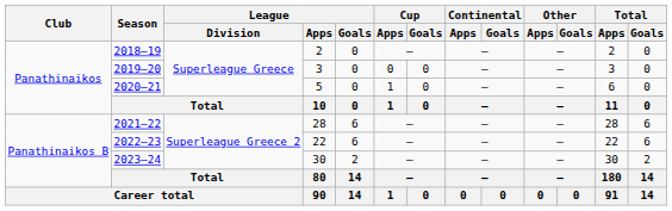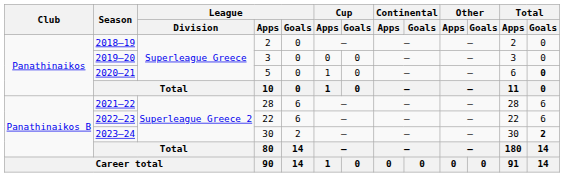 <table class="wikitable" style="text-align:center">
 <tr>
 <th rowspan=2>Club</th>
 <th rowspan=2>Season</th>
 <th colspan=3>League</th>
 <th colspan=2>Cup</th>
 <th colspan=2>Continental</th>
 <th colspan=2>Other</th>
 <th colspan=2>Total</th>
 </tr>
 <tr>
 <th>Division</th>
 <th>Apps</th>
 <th>Goals</th>
 <th>Apps</th>
 <th>Goals</th>
 <th>Apps</th>
 <th>Goals</th>
 <th>Apps</th>
 <th>Goals</th>
 <th>Apps</th>
 <th>Goals</th>
 </tr>
 <tr>
 <td rowspan="4"><a href='#'>Panathinaikos</a></td>
 <td><a href='#'>2018–19</a></td>
 <td rowspan="3"><a href='#'>Superleague Greece</a></td>
 <td>2</td>
 <td>0</td>
 <td colspan="2">—</td>
 <td colspan="2">—</td>
 <td colspan="2">—</td>
 <td>2</td>
 <td>0</td>
 </tr>
 <tr>
 <td><a href='#'>2019–20</a></td>
 <td>3</td>
 <td>0</td>
 <td>0</td>
 <td>0</td>
 <td colspan="2">—</td>
 <td colspan="2">—</td>
 <td>3</td>
 <td>0</td>
 </tr>
 <tr>
 <td><a href='#'>2020–21</a></td>
 <td>5</td>
 <td>0</td>
 <td>1</td>
 <td>0</td>
 <td colspan="2">—</td>
 <td colspan="2">—</td>
 <td>6</td>
-<td>0</td>
+<td><strong>0</strong></td>
 </tr>
 <tr>
 <th colspan="2">Total</th>
 <th>10</th>
 <th>0</th>
 <th>1</th>
 <th>0</th>
 <th colspan="2">—</th>
 <th colspan="2">—</th>
 <th>11</th>
 <th>0</th>
 </tr>
 <tr>
 <td rowspan="4"><a href='#'>Panathinaikos B</a></td>
 <td><a href='#'>2021–22</a></td>
 <td rowspan="3"><a href='#'>Superleague Greece 2</a></td>
 <td>28</td>
 <td>6</td>
 <td colspan="2">—</td>
 <td colspan="2">—</td>
 <td colspan="2">—</td>
 <td>28</td>
 <td>6</td>
 </tr>
 <tr>
 <td><a href='#'>2022–23</a></td>
 <td>22</td>
 <td>6</td>
 <td colspan="2">—</td>
 <td colspan="2">—</td>
 <td colspan="2">—</td>
 <td>22</td>
 <td>6</td>
 </tr>
 <tr>
 <td><a href='#'>2023–24</a></td>
 <td>30</td>
 <td>2</td>
 <td colspan="2">—</td>
 <td colspan="2">—</td>
 <td colspan="2">—</td>
 <td>30</td>
-<td>2</td>
+<td><strong>2</strong></td>
 </tr>
 <tr>
 <th colspan="2">Total</th>
 <th>80</th>
 <th>14</th>
 <th colspan="2">—</th>
 <th colspan="2">—</th>
 <th colspan="2">—</th>
 <th>180</th>
 <th>14</th>
 </tr>
 <tr>
 <th colspan="3">Career total</th>
 <th>90</th>
 <th>14</th>
 <th>1</th>
 <th>0</th>
 <th>0</th>
 <th>0</th>
 <th>0</th>
 <th>0</th>
 <th>91</th>
 <th>14</th>
 </tr>
 </table>
